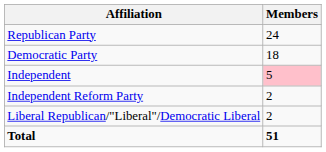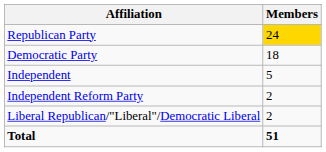 <table class="wikitable">
 <tr>
 <th>Affiliation</th>
 <th>Members</th>
 </tr>
 <tr>
 <td><a href='#'>Republican Party</a></td>
-<td>24</td>
+<td style="background: gold;">24</td>
 </tr>
 <tr>
 <td><a href='#'>Democratic Party</a></td>
 <td>18</td>
 </tr>
 <tr>
 <td><a href='#'>Independent</a></td>
-<td style="background: pink;">5</td>
+<td>5</td>
 </tr>
 <tr>
 <td><a href='#'>Independent Reform Party</a></td>
 <td>2</td>
 </tr>
 <tr>
 <td><a href='#'>Liberal Republican</a>/"Liberal"/<a href='#'>Democratic Liberal</a></td>
 <td>2</td>
 </tr>
 <tr>
 <td><strong>Total</strong><br></td>
 <td><strong>51</strong></td>
 </tr>
 </table>
